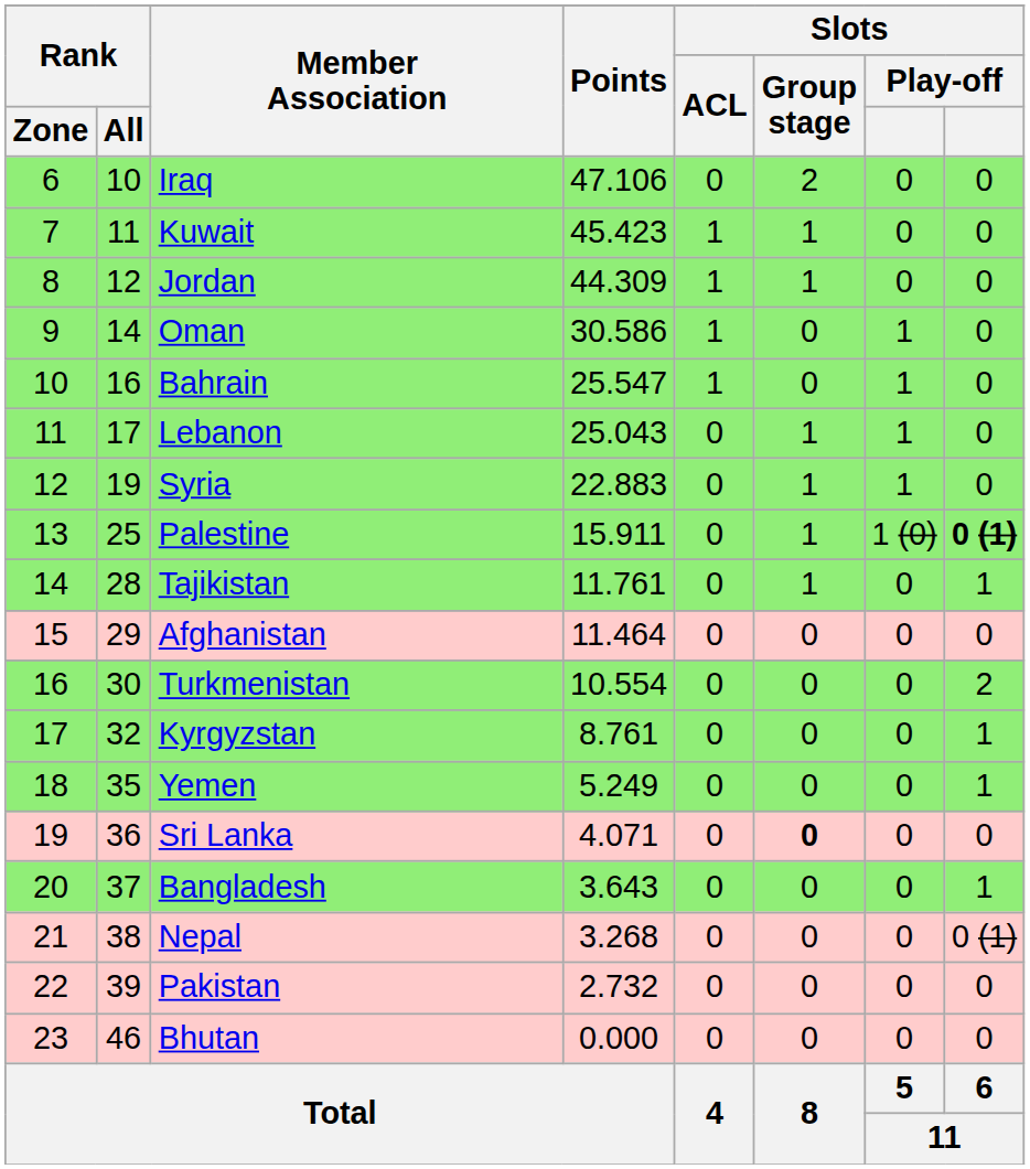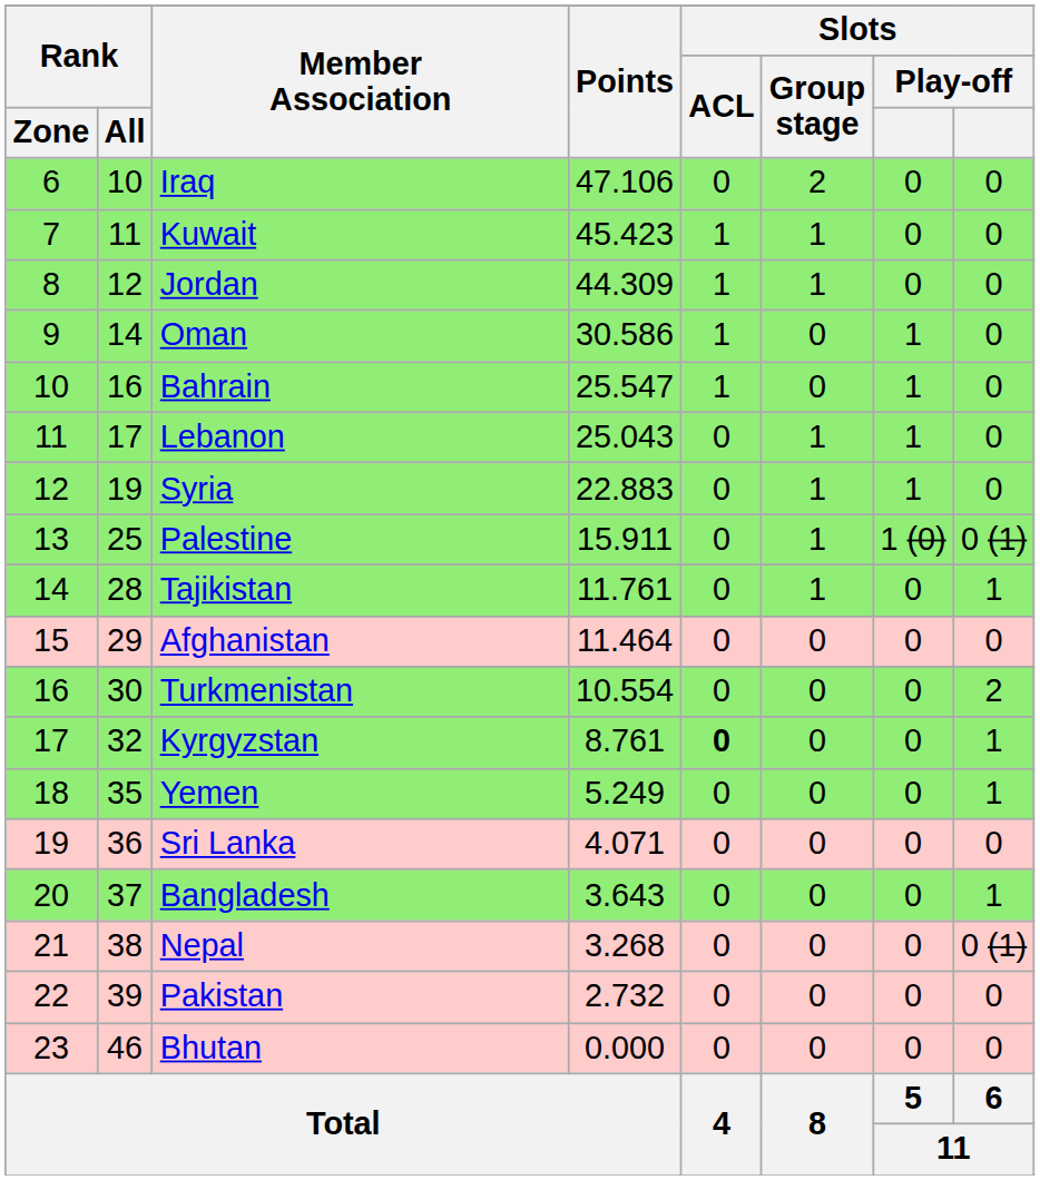 <table class="wikitable" style="text-align:center">
 <tr>
 </tr>
 <tr>
 <th colspan=2 rowspan=2>Rank</th>
 <th rowspan=3 width=200>Member<br>Association</th>
 <th rowspan=3>Points</th>
 <th colspan=4>Slots</th>
 </tr>
 <tr>
 <th rowspan=2>ACL<br></th>
 <th rowspan=2>Group<br>stage</th>
 <th colspan=2>Play-off</th>
 </tr>
 <tr>
 <th>Zone</th>
 <th>All</th>
 <th></th>
 <th></th>
 </tr>
 <tr bgcolor=#90ee77>
 <td>6</td>
 <td>10</td>
 <td align=left> <a href='#'>Iraq</a></td>
 <td>47.106</td>
 <td>0</td>
 <td>2</td>
 <td>0</td>
 <td>0</td>
 </tr>
 <tr bgcolor=#90ee77>
 <td>7</td>
 <td>11</td>
 <td align=left> <a href='#'>Kuwait</a></td>
 <td>45.423</td>
 <td>1</td>
 <td>1</td>
 <td>0</td>
 <td>0</td>
 </tr>
 <tr bgcolor=#90ee77>
 <td>8</td>
 <td>12</td>
 <td align=left> <a href='#'>Jordan</a></td>
 <td>44.309</td>
 <td>1</td>
 <td>1</td>
 <td>0</td>
 <td>0</td>
 </tr>
 <tr bgcolor=#90ee77>
 <td>9</td>
 <td>14</td>
 <td align=left> <a href='#'>Oman</a></td>
 <td>30.586</td>
 <td>1</td>
 <td>0</td>
 <td>1</td>
 <td>0</td>
 </tr>
 <tr bgcolor=#90ee77>
 <td>10</td>
 <td>16</td>
 <td align=left> <a href='#'>Bahrain</a></td>
 <td>25.547</td>
 <td>1</td>
 <td>0</td>
 <td>1</td>
 <td>0</td>
 </tr>
 <tr bgcolor=#90ee77>
 <td>11</td>
 <td>17</td>
 <td align=left> <a href='#'>Lebanon</a></td>
 <td>25.043</td>
 <td>0</td>
 <td>1</td>
 <td>1</td>
 <td>0</td>
 </tr>
 <tr bgcolor=#90ee77>
 <td>12</td>
 <td>19</td>
 <td align=left> <a href='#'>Syria</a></td>
 <td>22.883</td>
 <td>0</td>
 <td>1</td>
 <td>1</td>
 <td>0</td>
 </tr>
 <tr bgcolor=#90ee77>
 <td>13</td>
 <td>25</td>
 <td align=left> <a href='#'>Palestine</a></td>
 <td>15.911</td>
 <td>0</td>
 <td>1</td>
 <td>1 <s>(0)</s></td>
-<td><strong>0 <s>(1)</s></strong></td>
+<td>0 <s>(1)</s></td>
 </tr>
 <tr bgcolor=#90ee77>
 <td>14</td>
 <td>28</td>
 <td align=left> <a href='#'>Tajikistan</a></td>
 <td>11.761</td>
 <td>0</td>
 <td>1</td>
 <td>0</td>
 <td>1</td>
 </tr>
 <tr bgcolor=#ffcccc>
 <td>15</td>
 <td>29</td>
 <td align=left> <a href='#'>Afghanistan</a></td>
 <td>11.464</td>
 <td>0</td>
 <td>0</td>
 <td>0</td>
 <td>0</td>
 </tr>
 <tr bgcolor=#90ee77>
 <td>16</td>
 <td>30</td>
 <td align=left> <a href='#'>Turkmenistan</a></td>
 <td>10.554</td>
 <td>0</td>
 <td>0</td>
 <td>0</td>
 <td>2</td>
 </tr>
 <tr bgcolor=#90ee77>
 <td>17</td>
 <td>32</td>
 <td align=left> <a href='#'>Kyrgyzstan</a></td>
 <td>8.761</td>
-<td>0</td>
+<td><strong>0</strong></td>
 <td>0</td>
 <td>0</td>
 <td>1</td>
 </tr>
 <tr bgcolor=#90ee77>
 <td>18</td>
 <td>35</td>
 <td align=left> <a href='#'>Yemen</a></td>
 <td>5.249</td>
 <td>0</td>
 <td>0</td>
 <td>0</td>
 <td>1</td>
 </tr>
 <tr bgcolor=#ffcccc>
 <td>19</td>
 <td>36</td>
 <td align=left> <a href='#'>Sri Lanka</a></td>
 <td>4.071</td>
 <td>0</td>
-<td><strong>0</strong></td>
+<td>0</td>
 <td>0</td>
 <td>0</td>
 </tr>
 <tr bgcolor=#90ee77>
 <td>20</td>
 <td>37</td>
 <td align=left> <a href='#'>Bangladesh</a></td>
 <td>3.643</td>
 <td>0</td>
 <td>0</td>
 <td>0</td>
 <td>1</td>
 </tr>
 <tr bgcolor=#ffcccc>
 <td>21</td>
 <td>38</td>
 <td align=left> <a href='#'>Nepal</a></td>
 <td>3.268</td>
 <td>0</td>
 <td>0</td>
 <td>0</td>
 <td>0 <s>(1)</s></td>
 </tr>
 <tr bgcolor=#ffcccc>
 <td>22</td>
 <td>39</td>
 <td align=left> <a href='#'>Pakistan</a></td>
 <td>2.732</td>
 <td>0</td>
 <td>0</td>
 <td>0</td>
 <td>0</td>
 </tr>
 <tr bgcolor=#ffcccc>
 <td>23</td>
 <td>46</td>
 <td align=left> <a href='#'>Bhutan</a></td>
 <td>0.000</td>
 <td>0</td>
 <td>0</td>
 <td>0</td>
 <td>0</td>
 </tr>
 <tr>
 <th colspan=4 rowspan=2>Total</th>
 <th rowspan=2>4</th>
 <th rowspan=2>8</th>
 <th>5</th>
 <th>6</th>
 </tr>
 <tr>
 <th colspan=3>11</th>
 </tr>
 </table>
